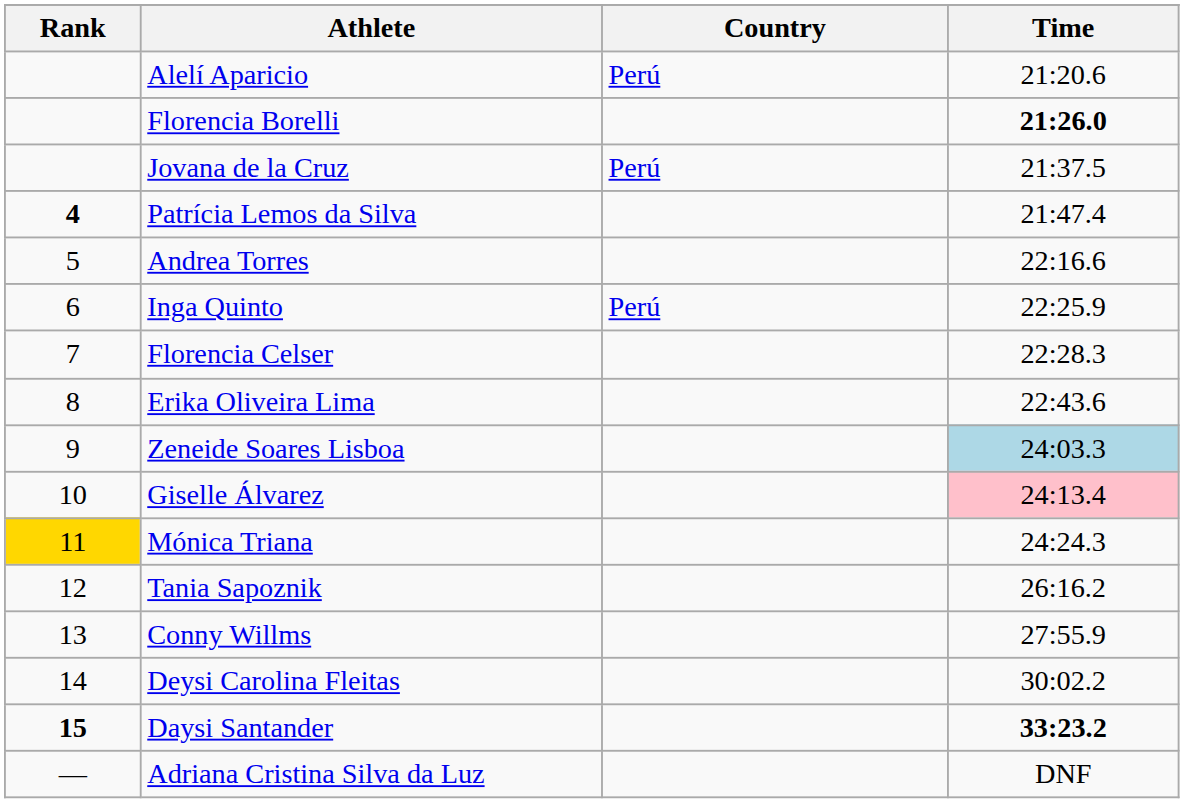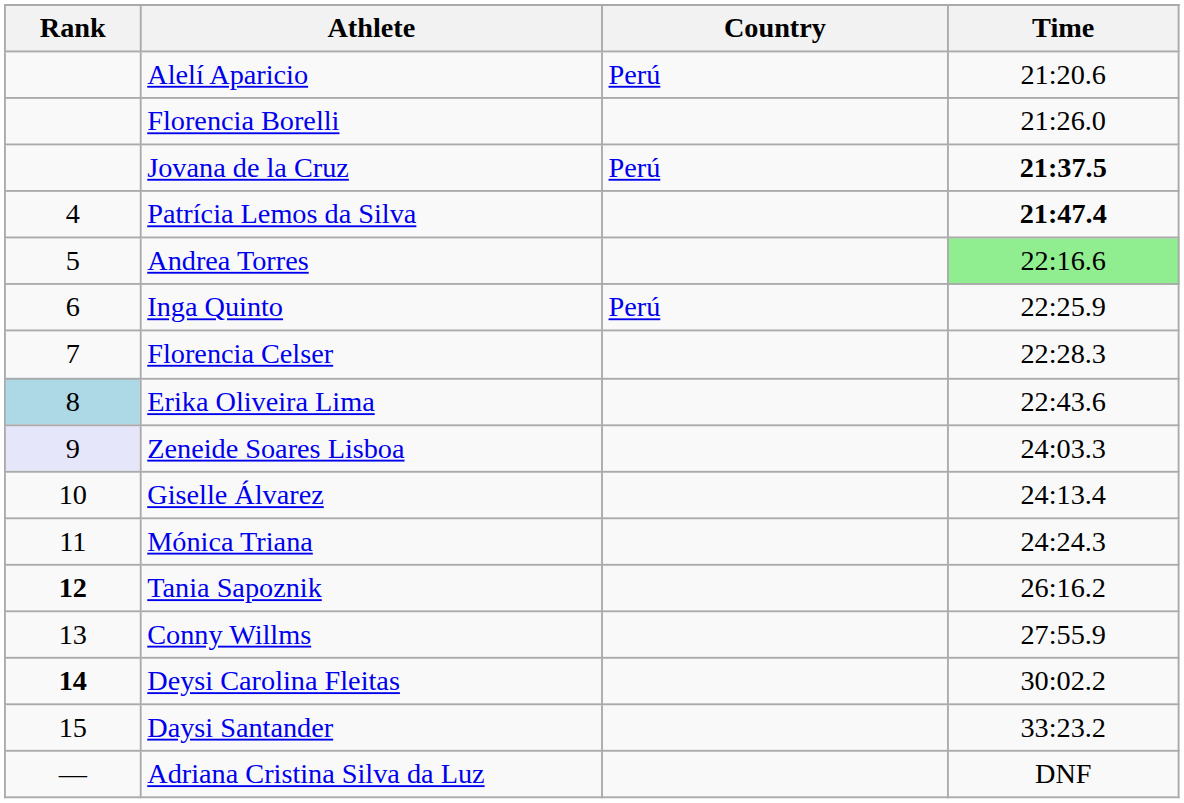 <table class="wikitable sortable" style=" text-align:center; font-size:95%;" width="50%">
 <tr>
 </tr>
 <tr>
 <th width=5%>Rank</th>
 <th width=20%>Athlete</th>
 <th width=15%>Country</th>
 <th width=10%>Time</th>
 </tr>
 <tr>
 <td align=center></td>
 <td align=left><a href='#'>Alelí Aparicio</a></td>
 <td align=left> <a href='#'>Perú</a></td>
 <td>21:20.6</td>
 </tr>
 <tr>
 <td align=center></td>
 <td align=left><a href='#'>Florencia Borelli</a></td>
 <td align=left></td>
-<td><strong>21:26.0</strong></td>
+<td>21:26.0</td>
 </tr>
 <tr>
 <td align=center></td>
 <td align=left><a href='#'>Jovana de la Cruz</a></td>
 <td align=left> <a href='#'>Perú</a></td>
-<td>21:37.5</td>
+<td><strong>21:37.5</strong></td>
 </tr>
 <tr>
-<td align=center><strong>4</strong></td>
+<td align=center>4</td>
 <td align=left><a href='#'>Patrícia Lemos da Silva</a></td>
 <td align=left></td>
-<td>21:47.4</td>
+<td><strong>21:47.4</strong></td>
 </tr>
 <tr>
 <td align=center>5</td>
 <td align=left><a href='#'>Andrea Torres</a></td>
 <td align=left></td>
-<td>22:16.6</td>
+<td style="background: lightgreen;">22:16.6</td>
 </tr>
 <tr>
 <td align=center>6</td>
 <td align=left><a href='#'>Inga Quinto</a></td>
 <td align=left> <a href='#'>Perú</a></td>
 <td>22:25.9</td>
 </tr>
 <tr>
 <td align=center>7</td>
 <td align=left><a href='#'>Florencia Celser</a></td>
 <td align=left></td>
 <td>22:28.3</td>
 </tr>
 <tr>
-<td align=center>8</td>
+<td align=center style="background: lightblue;">8</td>
 <td align=left><a href='#'>Erika Oliveira Lima</a></td>
 <td align=left></td>
 <td>22:43.6</td>
 </tr>
 <tr>
-<td align=center>9</td>
+<td align=center style="background: lavender;">9</td>
 <td align=left><a href='#'>Zeneide Soares Lisboa</a></td>
 <td align=left></td>
-<td style="background: lightblue;">24:03.3</td>
+<td>24:03.3</td>
 </tr>
 <tr>
 <td align=center>10</td>
 <td align=left><a href='#'>Giselle Álvarez</a></td>
 <td align=left></td>
-<td style="background: pink;">24:13.4</td>
+<td>24:13.4</td>
 </tr>
 <tr>
-<td align=center style="background: gold;">11</td>
+<td align=center>11</td>
 <td align=left><a href='#'>Mónica Triana</a></td>
 <td align=left></td>
 <td>24:24.3</td>
 </tr>
 <tr>
-<td align=center>12</td>
+<td align=center><strong>12</strong></td>
 <td align=left><a href='#'>Tania Sapoznik</a></td>
 <td align=left></td>
 <td>26:16.2</td>
 </tr>
 <tr>
 <td align=center>13</td>
 <td align=left><a href='#'>Conny Willms</a></td>
 <td align=left></td>
 <td>27:55.9</td>
 </tr>
 <tr>
-<td align=center>14</td>
+<td align=center><strong>14</strong></td>
 <td align=left><a href='#'>Deysi Carolina Fleitas</a></td>
 <td align=left></td>
 <td>30:02.2</td>
 </tr>
 <tr>
-<td align=center><strong>15</strong></td>
+<td align=center>15</td>
 <td align=left><a href='#'>Daysi Santander</a></td>
 <td align=left></td>
-<td><strong>33:23.2</strong></td>
+<td>33:23.2</td>
 </tr>
 <tr>
 <td align=center>—</td>
 <td align=left><a href='#'>Adriana Cristina Silva da Luz</a></td>
 <td align=left></td>
 <td>DNF</td>
 </tr>
 </table>
